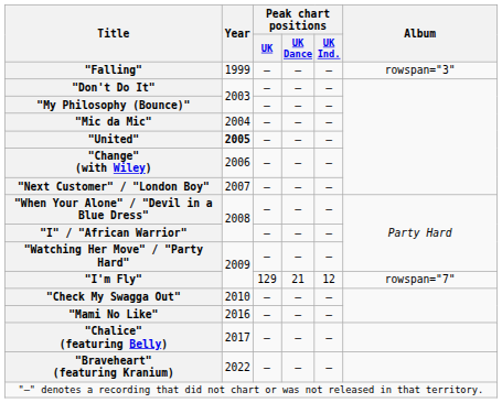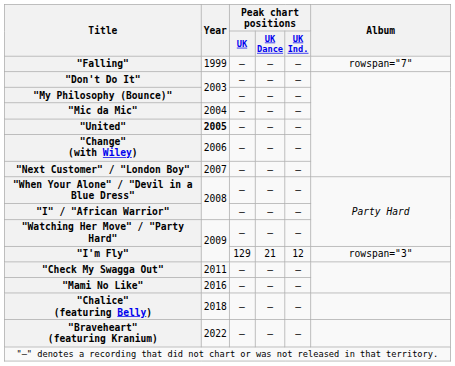 <table class="wikitable plainrowheaders" style="text-align:center;">
 <tr>
 <th scope="col" rowspan="2" style="width:20em;">Title</th>
 <th scope="col" rowspan="2" style="width:1em;">Year</th>
 <th scope="col" colspan="3">Peak chart positions</th>
 <th scope="col" rowspan="2" style="width:14em;">Album</th>
 </tr>
 <tr>
 <th scope="col" style="width:2.5em;font-size:90%;"><a href='#'>UK</a><br></th>
 <th scope="col" style="width:2.5em;font-size:90%;"><a href='#'>UK<br>Dance</a><br></th>
 <th scope="col" style="width:2.5em;font-size:90%;"><a href='#'>UK<br>Ind.</a><br></th>
 </tr>
 <tr>
 <th scope="row">"Falling"</th>
 <td>1999</td>
 <td>—</td>
 <td>—</td>
 <td>—</td>
-<td>rowspan="3" </td>
+<td>rowspan="7" </td>
 </tr>
 <tr>
 <th scope="row">"Don't Do It"</th>
 <td rowspan="2">2003</td>
 <td>—</td>
 <td>—</td>
 <td>—</td>
 </tr>
 <tr>
 <th scope="row">"My Philosophy (Bounce)"</th>
 <td>—</td>
 <td>—</td>
 <td>—</td>
 </tr>
 <tr>
 <th scope="row">"Mic da Mic"</th>
 <td>2004</td>
 <td>—</td>
 <td>—</td>
 <td>—</td>
 </tr>
 <tr>
 <th scope="row">"United"</th>
 <td><strong>2005</strong></td>
 <td>—</td>
 <td>—</td>
 <td>—</td>
 </tr>
 <tr>
 <th scope="row">"Change"<br><span>(with <a href='#'>Wiley</a>)</span></th>
 <td>2006</td>
 <td>—</td>
 <td>—</td>
 <td>—</td>
 </tr>
 <tr>
 <th scope="row">"Next Customer" / "London Boy"</th>
 <td>2007</td>
 <td>—</td>
 <td>—</td>
 <td>—</td>
 </tr>
 <tr>
 <th scope="row">"When Your Alone" / "Devil in a Blue Dress"</th>
 <td rowspan="2">2008</td>
 <td>—</td>
 <td>—</td>
 <td>—</td>
 <td rowspan="3"><em>Party Hard</em></td>
 </tr>
 <tr>
 <th scope="row">"I" / "African Warrior"</th>
 <td>—</td>
 <td>—</td>
 <td>—</td>
 </tr>
 <tr>
 <th scope="row">"Watching Her Move" / "Party Hard"</th>
 <td rowspan="2">2009</td>
 <td>—</td>
 <td>—</td>
 <td>—</td>
 </tr>
 <tr>
 <th scope="row">"I'm Fly"</th>
 <td>129</td>
 <td>21</td>
 <td>12</td>
-<td>rowspan="7" </td>
+<td>rowspan="3" </td>
 </tr>
 <tr>
 <th scope="row">"Check My Swagga Out"</th>
-<td>2010</td>
+<td>2011</td>
 <td>—</td>
 <td>—</td>
 <td>—</td>
 </tr>
 <tr>
 <th scope="row">"Mami No Like"</th>
 <td>2016</td>
 <td>—</td>
 <td>—</td>
 <td>—</td>
 </tr>
 <tr>
 <th scope="row">"Chalice"<br><span>(featuring <a href='#'>Belly</a>)</span></th>
-<td>2017</td>
+<td>2018</td>
 <td>—</td>
 <td>—</td>
 <td>—</td>
 <td></td>
 </tr>
 <tr>
 <th scope="row">"Braveheart"<br><span>(featuring Kranium)</span></th>
 <td>2022</td>
 <td>—</td>
 <td>—</td>
 <td>—</td>
 </tr>
 <tr>
 <td colspan="14" style="font-size:90%">"—" denotes a recording that did not chart or was not released in that territory.</td>
 </tr>
 </table>
